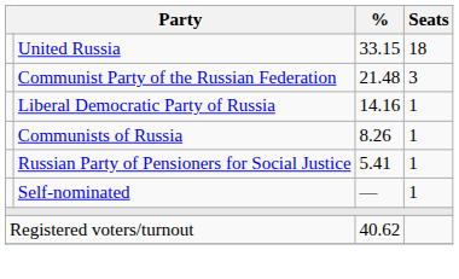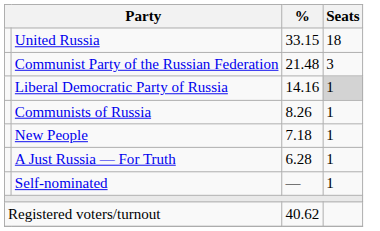 <table class="wikitable">
 <tr>
 <th colspan=2>Party</th>
 <th>%</th>
 <th>Seats</th>
 </tr>
 <tr>
 <td style="background:"></td>
 <td><a href='#'>United Russia</a></td>
 <td>33.15</td>
 <td>18</td>
 </tr>
 <tr>
 <td style="background:"></td>
 <td><a href='#'>Communist Party of the Russian Federation</a></td>
 <td>21.48</td>
 <td>3</td>
 </tr>
 <tr>
 <td style="background:"></td>
 <td><a href='#'>Liberal Democratic Party of Russia</a></td>
 <td>14.16</td>
-<td>1</td>
+<td style="background: lightgrey;">1</td>
 </tr>
 <tr>
 <td style="background:"></td>
 <td><a href='#'>Communists of Russia</a></td>
 <td>8.26</td>
 <td>1</td>
 </tr>
 <tr>
 <td style="background:"></td>
-<td><a href='#'>Russian Party of Pensioners for Social Justice</a></td>
-<td>5.41</td>
+<td><a href='#'>New People</a></td>
+<td>7.18</td>
+<td>1</td>
+</tr>
+<tr>
+<td style="background:"></td>
+<td><a href='#'>A Just Russia — For Truth</a></td>
+<td>6.28</td>
 <td>1</td>
 </tr>
 <tr>
 <td style="background:"></td>
 <td><a href='#'>Self-nominated</a></td>
 <td>—</td>
 <td>1</td>
 </tr>
 <tr>
 <td colspan=4 style="background:#E9E9E9;"></td>
 </tr>
 <tr>
 <td align=left colspan=2>Registered voters/turnout</td>
 <td>40.62</td>
 <td></td>
 </tr>
 <tr>
 </tr>
 </table>
